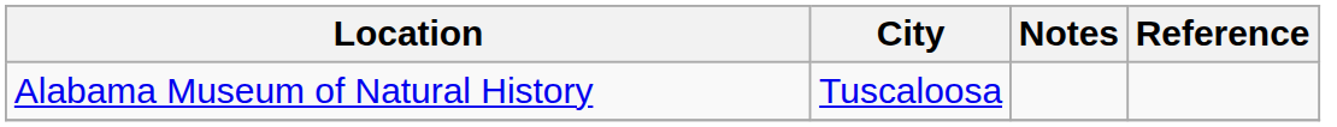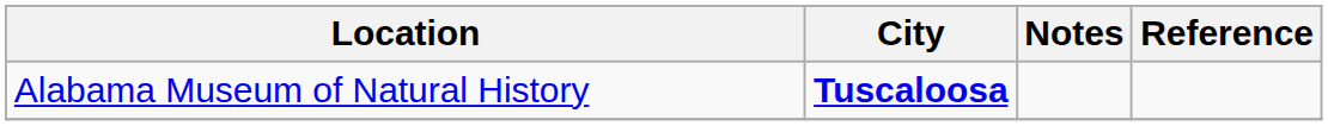 <table class="wikitable">
 <tr>
 <th Width="350">Location</th>
 <th>City</th>
 <th>Notes</th>
 <th>Reference</th>
 </tr>
 <tr>
 <td><a href='#'>Alabama Museum of Natural History</a></td>
-<td><a href='#'>Tuscaloosa</a></td>
+<td><strong><a href='#'>Tuscaloosa</a></strong></td>
 <td></td>
 <td></td>
 </tr>
 <tr>
 </tr>
 </table>
